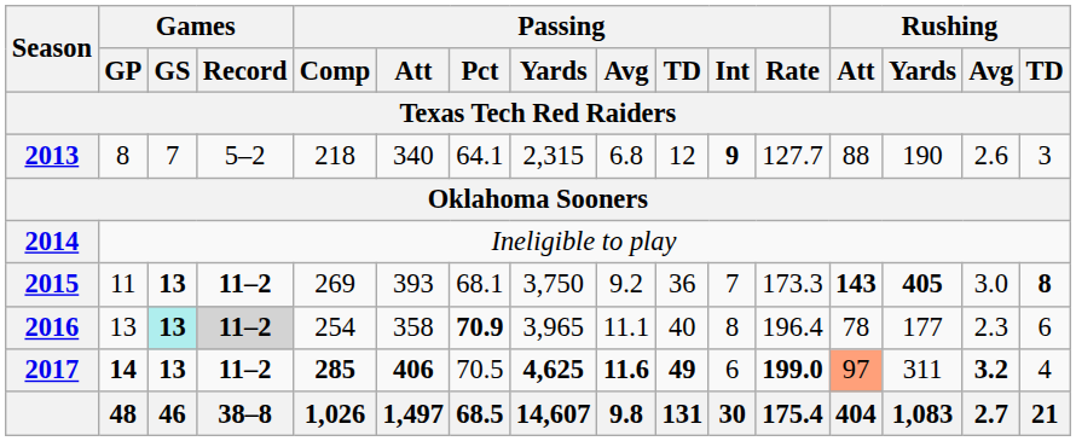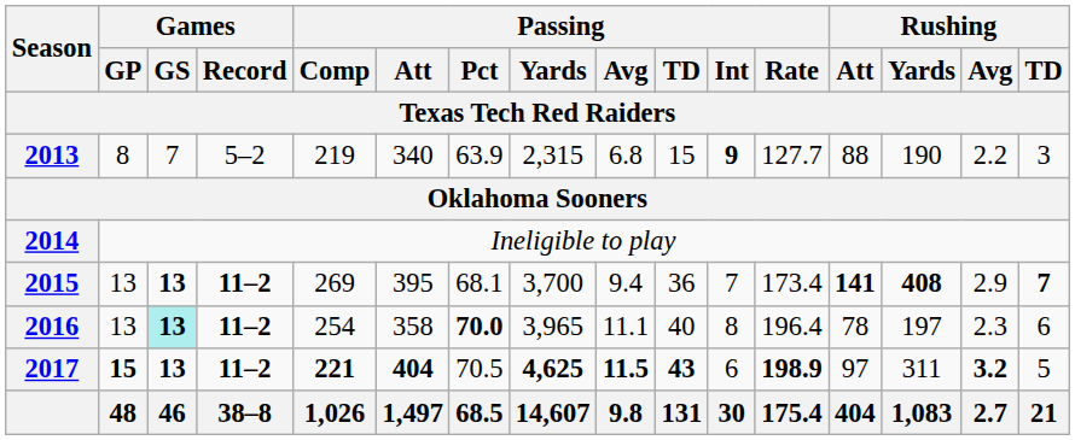 <table class="wikitable" style="text-align:center;">
 <tr>
 <th rowspan="2">Season</th>
 <th colspan="3">Games</th>
 <th colspan="8">Passing</th>
 <th colspan="5">Rushing</th>
 </tr>
 <tr>
 <th>GP</th>
 <th>GS</th>
 <th>Record</th>
 <th>Comp</th>
 <th>Att</th>
 <th>Pct</th>
 <th>Yards</th>
 <th>Avg</th>
 <th>TD</th>
 <th>Int</th>
 <th>Rate</th>
 <th>Att</th>
 <th>Yards</th>
 <th>Avg</th>
 <th>TD</th>
 </tr>
 <tr>
 <th colspan="16">Texas Tech Red Raiders</th>
 </tr>
 <tr>
 <th><a href='#'>2013</a></th>
 <td>8</td>
 <td>7</td>
 <td>5–2</td>
-<td>218</td>
+<td>219</td>
 <td>340</td>
-<td>64.1</td>
+<td>63.9</td>
 <td>2,315</td>
 <td>6.8</td>
-<td>12</td>
+<td>15</td>
 <td><strong>9</strong></td>
 <td>127.7</td>
 <td>88</td>
 <td>190</td>
-<td>2.6</td>
+<td>2.2</td>
 <td>3</td>
 </tr>
 <tr>
 <th colspan="16">Oklahoma Sooners</th>
 </tr>
 <tr>
 <th><a href='#'>2014</a></th>
 <td colspan="15"><em>Ineligible to play</em></td>
 </tr>
 <tr>
 <th><a href='#'>2015</a></th>
-<td>11</td>
+<td>13</td>
 <td><strong>13</strong></td>
 <td><strong>11–2</strong></td>
 <td>269</td>
-<td>393</td>
+<td>395</td>
 <td>68.1</td>
-<td>3,750</td>
-<td>9.2</td>
+<td>3,700</td>
+<td>9.4</td>
 <td>36</td>
 <td>7</td>
-<td>173.3</td>
-<td><strong>143</strong></td>
-<td><strong>405</strong></td>
-<td>3.0</td>
-<td><strong>8</strong></td>
+<td>173.4</td>
+<td><strong>141</strong></td>
+<td><strong>408</strong></td>
+<td>2.9</td>
+<td><strong>7</strong></td>
 </tr>
 <tr>
 <th><a href='#'>2016</a></th>
 <td>13</td>
 <td style="background: paleturquoise;"><strong>13</strong></td>
-<td style="background: lightgrey;"><strong>11–2</strong></td>
+<td><strong>11–2</strong></td>
 <td>254</td>
 <td>358</td>
-<td><strong>70.9</strong></td>
+<td><strong>70.0</strong></td>
 <td>3,965</td>
 <td>11.1</td>
 <td>40</td>
 <td>8</td>
 <td>196.4</td>
 <td>78</td>
-<td>177</td>
+<td>197</td>
 <td>2.3</td>
 <td>6</td>
 </tr>
 <tr>
 <th><a href='#'>2017</a></th>
-<td><strong>14</strong></td>
+<td><strong>15</strong></td>
 <td><strong>13</strong></td>
 <td><strong>11–2</strong></td>
-<td><strong>285</strong></td>
-<td><strong>406</strong></td>
+<td><strong>221</strong></td>
+<td><strong>404</strong></td>
 <td>70.5</td>
 <td><strong>4,625</strong></td>
-<td><strong>11.6</strong></td>
-<td><strong>49</strong></td>
+<td><strong>11.5</strong></td>
+<td><strong>43</strong></td>
 <td>6</td>
-<td><strong>199.0</strong></td>
-<td style="background: lightsalmon;">97</td>
+<td><strong>198.9</strong></td>
+<td>97</td>
 <td>311</td>
 <td><strong>3.2</strong></td>
-<td>4</td>
+<td>5</td>
 </tr>
 <tr>
 <th></th>
 <th>48</th>
 <th>46</th>
 <th>38–8</th>
 <th>1,026</th>
 <th>1,497</th>
 <th>68.5</th>
 <th>14,607</th>
 <th>9.8</th>
 <th>131</th>
 <th>30</th>
 <th>175.4</th>
 <th>404</th>
 <th>1,083</th>
 <th>2.7</th>
 <th>21</th>
 </tr>
 </table>
